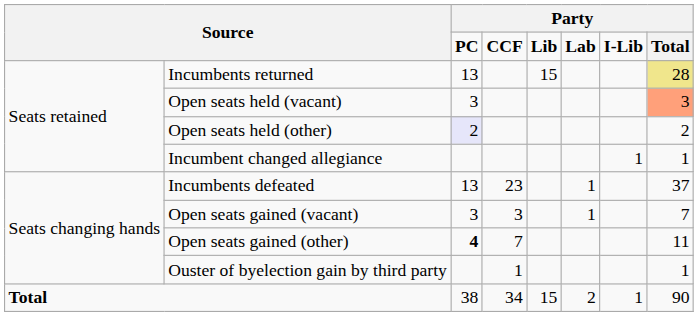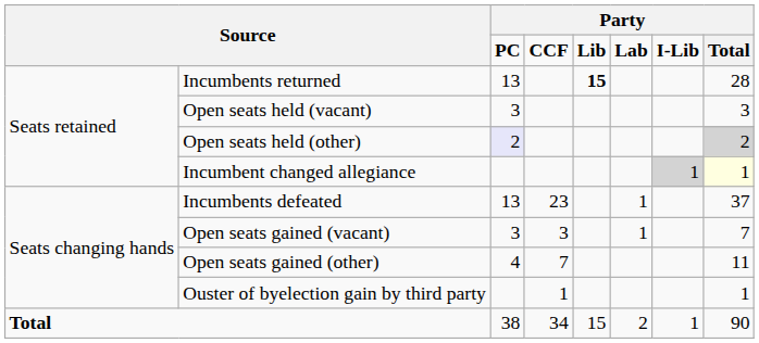 <table class="wikitable" style="text-align:right;">
 <tr>
 <th colspan="2" rowspan="2">Source</th>
 <th colspan="6">Party</th>
 </tr>
 <tr>
 <td><strong>PC</strong></td>
 <td><strong>CCF</strong></td>
 <td><strong>Lib</strong></td>
 <td><strong>Lab</strong></td>
 <td><strong>I-Lib</strong></td>
 <th>Total</th>
 </tr>
 <tr>
 <td rowspan="4" style="text-align:left;">Seats retained</td>
 <td style="text-align:left;">Incumbents returned</td>
 <td>13</td>
 <td></td>
-<td>15</td>
+<td><strong>15</strong></td>
 <td></td>
 <td></td>
-<td style="background: khaki;">28</td>
+<td>28</td>
 </tr>
 <tr>
 <td style="text-align:left;">Open seats held (vacant)</td>
 <td>3</td>
 <td></td>
 <td></td>
 <td></td>
 <td></td>
-<td style="background: lightsalmon;">3</td>
+<td>3</td>
 </tr>
 <tr>
 <td style="text-align:left;">Open seats held (other)</td>
 <td style="background: lavender;">2</td>
 <td></td>
 <td></td>
 <td></td>
 <td></td>
-<td>2</td>
+<td style="background: lightgrey;">2</td>
 </tr>
 <tr>
 <td style="text-align:left;">Incumbent changed allegiance</td>
 <td></td>
 <td></td>
 <td></td>
 <td></td>
-<td>1</td>
-<td>1</td>
+<td style="background: lightgrey;">1</td>
+<td style="background: lightyellow;">1</td>
 </tr>
 <tr>
 <td rowspan="4" style="text-align:left;">Seats changing hands</td>
 <td style="text-align:left;">Incumbents defeated</td>
 <td>13</td>
 <td>23</td>
 <td></td>
 <td>1</td>
 <td></td>
 <td>37</td>
 </tr>
 <tr>
 <td style="text-align:left;">Open seats gained (vacant)</td>
 <td>3</td>
 <td>3</td>
 <td></td>
 <td>1</td>
 <td></td>
 <td>7</td>
 </tr>
 <tr>
 <td style="text-align:left;">Open seats gained (other)</td>
-<td><strong>4</strong></td>
+<td>4</td>
 <td>7</td>
 <td></td>
 <td></td>
 <td></td>
 <td>11</td>
 </tr>
 <tr>
 <td style="text-align:left;">Ouster of byelection gain by third party</td>
 <td></td>
 <td>1</td>
 <td></td>
 <td></td>
 <td></td>
 <td>1</td>
 </tr>
 <tr>
 <td colspan="2" style="text-align:left;"><strong>Total</strong></td>
 <td>38</td>
 <td>34</td>
 <td>15</td>
 <td>2</td>
 <td>1</td>
 <td>90</td>
 </tr>
 </table>
